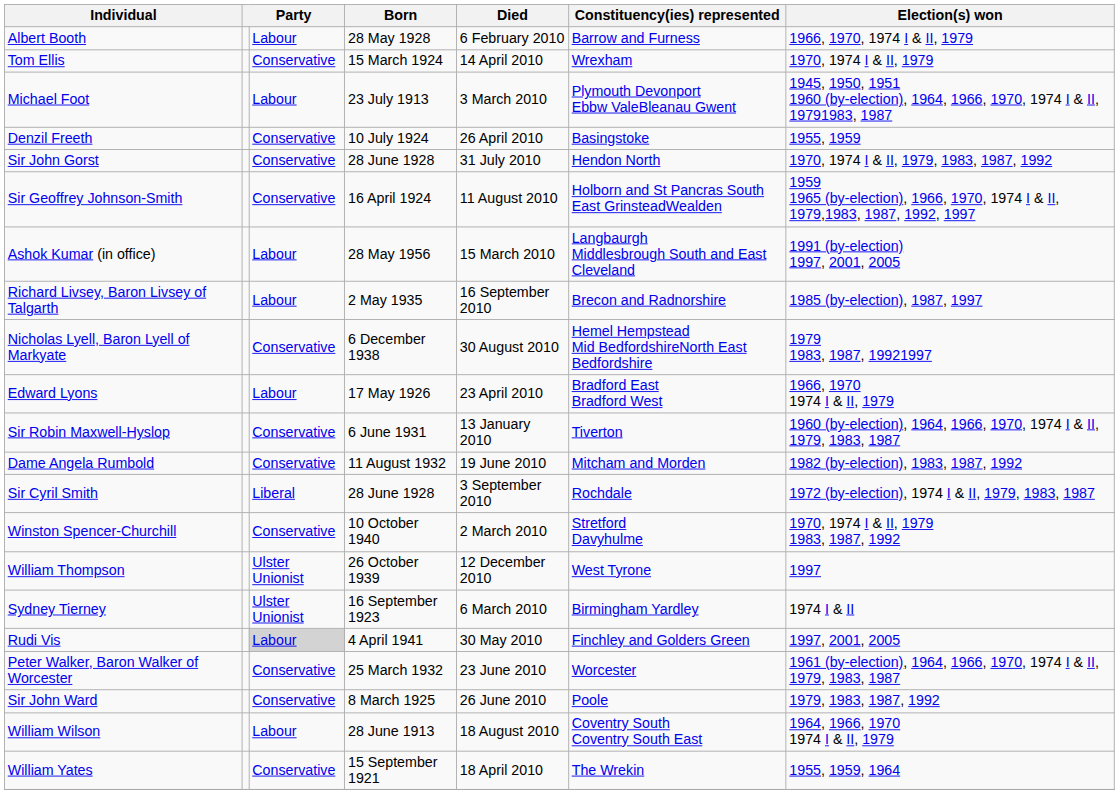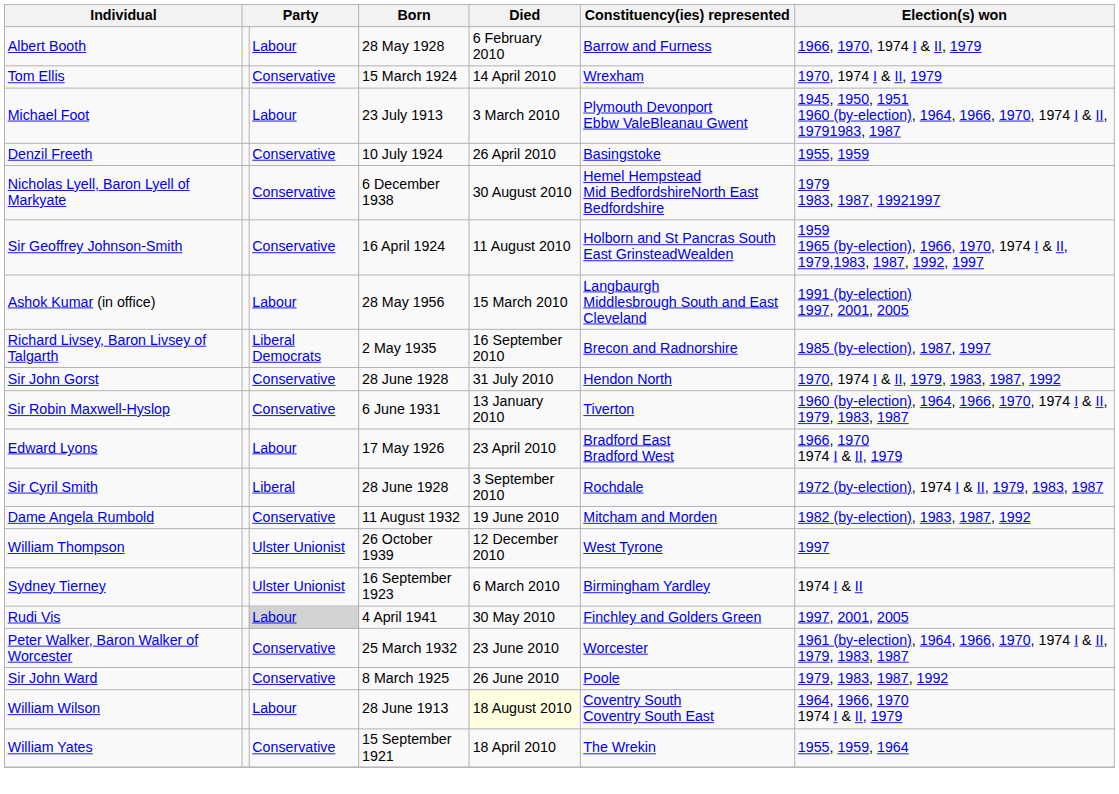 <table class="wikitable sortable">
 <tr>
 <th width="260px">Individual</th>
 <th colspan="2">Party</th>
 <th>Born</th>
 <th>Died</th>
 <th>Constituency(ies) represented</th>
 <th>Election(s) won</th>
 </tr>
 <tr>
 <td><a href='#'>Albert Booth</a></td>
 <td style="background-color: "></td>
 <td><a href='#'>Labour</a></td>
 <td>28 May 1928</td>
 <td>6 February 2010</td>
 <td><a href='#'>Barrow and Furness</a></td>
 <td><a href='#'>1966</a>, <a href='#'>1970</a>, 1974 <a href='#'>I</a> & <a href='#'>II</a>, <a href='#'>1979</a></td>
 </tr>
 <tr>
 <td><a href='#'>Tom Ellis</a></td>
 <td style="background-color: "></td>
 <td><a href='#'>Conservative</a></td>
 <td>15 March 1924</td>
 <td>14 April 2010</td>
 <td><a href='#'>Wrexham</a></td>
 <td><a href='#'>1970</a>, 1974 <a href='#'>I</a> & <a href='#'>II</a>, <a href='#'>1979</a></td>
 </tr>
 <tr>
 <td><a href='#'>Michael Foot</a></td>
 <td style="background-color: "></td>
 <td><a href='#'>Labour</a></td>
 <td>23 July 1913</td>
 <td>3 March 2010</td>
 <td><a href='#'>Plymouth Devonport</a><br><a href='#'>Ebbw Vale</a><a href='#'>Bleanau Gwent</a></td>
 <td><a href='#'>1945</a>, <a href='#'>1950</a>, <a href='#'>1951</a><br><a href='#'>1960 (by-election)</a>, <a href='#'>1964</a>, <a href='#'>1966</a>, <a href='#'>1970</a>, 1974 <a href='#'>I</a> & <a href='#'>II</a>, <a href='#'>1979</a><a href='#'>1983</a>, <a href='#'>1987</a></td>
 </tr>
 <tr>
 <td><a href='#'>Denzil Freeth</a></td>
 <td style="background-color: "></td>
 <td><a href='#'>Conservative</a></td>
 <td>10 July 1924</td>
 <td>26 April 2010</td>
 <td><a href='#'>Basingstoke</a></td>
 <td><a href='#'>1955</a>, <a href='#'>1959</a></td>
 </tr>
 <tr>
-<td><a href='#'>Sir John Gorst</a></td>
+<td><a href='#'>Nicholas Lyell, Baron Lyell of Markyate</a></td>
 <td style="background-color: "></td>
 <td><a href='#'>Conservative</a></td>
-<td>28 June 1928</td>
-<td>31 July 2010</td>
-<td><a href='#'>Hendon North</a></td>
-<td><a href='#'>1970</a>, 1974 <a href='#'>I</a> & <a href='#'>II</a>, <a href='#'>1979</a>, <a href='#'>1983</a>, <a href='#'>1987</a>, <a href='#'>1992</a></td>
+<td>6 December 1938</td>
+<td>30 August 2010</td>
+<td><a href='#'>Hemel Hempstead</a><br><a href='#'>Mid Bedfordshire</a><a href='#'>North East Bedfordshire</a></td>
+<td><a href='#'>1979</a><br><a href='#'>1983</a>, <a href='#'>1987</a>, <a href='#'>1992</a><a href='#'>1997</a></td>
 </tr>
 <tr>
 <td><a href='#'>Sir Geoffrey Johnson-Smith</a></td>
 <td style="background-color: "></td>
 <td><a href='#'>Conservative</a></td>
 <td>16 April 1924</td>
 <td>11 August 2010</td>
 <td><a href='#'>Holborn and St Pancras South</a><br><a href='#'>East Grinstead</a><a href='#'>Wealden</a></td>
 <td><a href='#'>1959</a><br><a href='#'>1965 (by-election)</a>, <a href='#'>1966</a>, <a href='#'>1970</a>, 1974 <a href='#'>I</a> & <a href='#'>II</a>, <a href='#'>1979</a>,<a href='#'>1983</a>, <a href='#'>1987</a>, <a href='#'>1992</a>, <a href='#'>1997</a></td>
 </tr>
 <tr>
 <td><a href='#'>Ashok Kumar</a> (in office)</td>
 <td style="background-color: "></td>
 <td><a href='#'>Labour</a></td>
 <td>28 May 1956</td>
 <td>15 March 2010</td>
 <td><a href='#'>Langbaurgh</a><br><a href='#'>Middlesbrough South and East Cleveland</a></td>
 <td><a href='#'>1991 (by-election)</a><br><a href='#'>1997</a>, <a href='#'>2001</a>, <a href='#'>2005</a></td>
 </tr>
 <tr>
 <td><a href='#'>Richard Livsey, Baron Livsey of Talgarth</a></td>
 <td style="background-color: "></td>
-<td><a href='#'>Labour</a></td>
+<td><a href='#'>Liberal Democrats</a></td>
 <td>2 May 1935</td>
 <td>16 September 2010</td>
 <td><a href='#'>Brecon and Radnorshire</a></td>
 <td><a href='#'>1985 (by-election)</a>, <a href='#'>1987</a>, <a href='#'>1997</a></td>
 </tr>
 <tr>
-<td><a href='#'>Nicholas Lyell, Baron Lyell of Markyate</a></td>
+<td><a href='#'>Sir John Gorst</a></td>
 <td style="background-color: "></td>
 <td><a href='#'>Conservative</a></td>
-<td>6 December 1938</td>
-<td>30 August 2010</td>
-<td><a href='#'>Hemel Hempstead</a><br><a href='#'>Mid Bedfordshire</a><a href='#'>North East Bedfordshire</a></td>
-<td><a href='#'>1979</a><br><a href='#'>1983</a>, <a href='#'>1987</a>, <a href='#'>1992</a><a href='#'>1997</a></td>
+<td>28 June 1928</td>
+<td>31 July 2010</td>
+<td><a href='#'>Hendon North</a></td>
+<td><a href='#'>1970</a>, 1974 <a href='#'>I</a> & <a href='#'>II</a>, <a href='#'>1979</a>, <a href='#'>1983</a>, <a href='#'>1987</a>, <a href='#'>1992</a></td>
+</tr>
+<tr>
+<td><a href='#'>Sir Robin Maxwell-Hyslop</a></td>
+<td style="background-color: "></td>
+<td><a href='#'>Conservative</a></td>
+<td>6 June 1931</td>
+<td>13 January 2010</td>
+<td><a href='#'>Tiverton</a></td>
+<td><a href='#'>1960 (by-election)</a>, <a href='#'>1964</a>, <a href='#'>1966</a>, <a href='#'>1970</a>, 1974 <a href='#'>I</a> & <a href='#'>II</a>, <a href='#'>1979</a>, <a href='#'>1983</a>, <a href='#'>1987</a></td>
 </tr>
 <tr>
 <td><a href='#'>Edward Lyons</a></td>
 <td style="background-color: "></td>
 <td><a href='#'>Labour</a></td>
 <td>17 May 1926</td>
 <td>23 April 2010</td>
 <td><a href='#'>Bradford East</a><br><a href='#'>Bradford West</a></td>
 <td><a href='#'>1966</a>, <a href='#'>1970</a><br>1974 <a href='#'>I</a> & <a href='#'>II</a>, <a href='#'>1979</a></td>
 </tr>
 <tr>
-<td><a href='#'>Sir Robin Maxwell-Hyslop</a></td>
+<td><a href='#'>Sir Cyril Smith</a></td>
 <td style="background-color: "></td>
-<td><a href='#'>Conservative</a></td>
-<td>6 June 1931</td>
-<td>13 January 2010</td>
-<td><a href='#'>Tiverton</a></td>
-<td><a href='#'>1960 (by-election)</a>, <a href='#'>1964</a>, <a href='#'>1966</a>, <a href='#'>1970</a>, 1974 <a href='#'>I</a> & <a href='#'>II</a>, <a href='#'>1979</a>, <a href='#'>1983</a>, <a href='#'>1987</a></td>
+<td><a href='#'>Liberal</a></td>
+<td>28 June 1928</td>
+<td>3 September 2010</td>
+<td><a href='#'>Rochdale</a></td>
+<td><a href='#'>1972 (by-election)</a>, 1974 <a href='#'>I</a> & <a href='#'>II</a>, <a href='#'>1979</a>, <a href='#'>1983</a>, <a href='#'>1987</a></td>
 </tr>
 <tr>
 <td><a href='#'>Dame Angela Rumbold</a></td>
 <td style="background-color: "></td>
 <td><a href='#'>Conservative</a></td>
 <td>11 August 1932</td>
 <td>19 June 2010</td>
 <td><a href='#'>Mitcham and Morden</a></td>
 <td><a href='#'>1982 (by-election)</a>, <a href='#'>1983</a>, <a href='#'>1987</a>, <a href='#'>1992</a></td>
-</tr>
-<tr>
-<td><a href='#'>Sir Cyril Smith</a></td>
-<td style="background-color: "></td>
-<td><a href='#'>Liberal</a></td>
-<td>28 June 1928</td>
-<td>3 September 2010</td>
-<td><a href='#'>Rochdale</a></td>
-<td><a href='#'>1972 (by-election)</a>, 1974 <a href='#'>I</a> & <a href='#'>II</a>, <a href='#'>1979</a>, <a href='#'>1983</a>, <a href='#'>1987</a></td>
-</tr>
-<tr>
-<td><a href='#'>Winston Spencer-Churchill</a></td>
-<td style="background-color: "></td>
-<td><a href='#'>Conservative</a></td>
-<td>10 October 1940</td>
-<td>2 March 2010</td>
-<td><a href='#'>Stretford</a><br><a href='#'>Davyhulme</a></td>
-<td><a href='#'>1970</a>, 1974 <a href='#'>I</a> & <a href='#'>II</a>, <a href='#'>1979</a><br><a href='#'>1983</a>, <a href='#'>1987</a>, <a href='#'>1992</a></td>
 </tr>
 <tr>
 <td><a href='#'>William Thompson</a></td>
 <td style="background-color: "></td>
 <td><a href='#'>Ulster Unionist</a></td>
 <td>26 October 1939</td>
 <td>12 December 2010</td>
 <td><a href='#'>West Tyrone</a></td>
 <td><a href='#'>1997</a></td>
 </tr>
 <tr>
 <td><a href='#'>Sydney Tierney</a></td>
 <td style="background-color: "></td>
 <td><a href='#'>Ulster Unionist</a></td>
 <td>16 September 1923</td>
 <td>6 March 2010</td>
 <td><a href='#'>Birmingham Yardley</a></td>
 <td>1974 <a href='#'>I</a> & <a href='#'>II</a></td>
 </tr>
 <tr>
 <td><a href='#'>Rudi Vis</a></td>
 <td style="background-color: "></td>
 <td style="background: lightgrey;"><a href='#'>Labour</a></td>
 <td>4 April 1941</td>
 <td>30 May 2010</td>
 <td><a href='#'>Finchley and Golders Green</a></td>
 <td><a href='#'>1997</a>, <a href='#'>2001</a>, <a href='#'>2005</a></td>
 </tr>
 <tr>
 <td><a href='#'>Peter Walker, Baron Walker of Worcester</a></td>
 <td style="background-color: "></td>
 <td><a href='#'>Conservative</a></td>
 <td>25 March 1932</td>
 <td>23 June 2010</td>
 <td><a href='#'>Worcester</a></td>
 <td><a href='#'>1961 (by-election)</a>, <a href='#'>1964</a>, <a href='#'>1966</a>, <a href='#'>1970</a>, 1974 <a href='#'>I</a> & <a href='#'>II</a>, <a href='#'>1979</a>, <a href='#'>1983</a>, <a href='#'>1987</a></td>
 </tr>
 <tr>
 <td><a href='#'>Sir John Ward</a></td>
 <td style="background-color: "></td>
 <td><a href='#'>Conservative</a></td>
 <td>8 March 1925</td>
 <td>26 June 2010</td>
 <td><a href='#'>Poole</a></td>
 <td><a href='#'>1979</a>, <a href='#'>1983</a>, <a href='#'>1987</a>, <a href='#'>1992</a></td>
 </tr>
 <tr>
 <td><a href='#'>William Wilson</a></td>
 <td style="background-color: "></td>
 <td><a href='#'>Labour</a></td>
 <td>28 June 1913</td>
-<td>18 August 2010</td>
+<td style="background: lightyellow;">18 August 2010</td>
 <td><a href='#'>Coventry South</a><br><a href='#'>Coventry South East</a></td>
 <td><a href='#'>1964</a>, <a href='#'>1966</a>, <a href='#'>1970</a><br>1974 <a href='#'>I</a> & <a href='#'>II</a>, <a href='#'>1979</a></td>
 </tr>
 <tr>
 <td><a href='#'>William Yates</a></td>
 <td style="background-color: "></td>
 <td><a href='#'>Conservative</a></td>
 <td>15 September 1921</td>
 <td>18 April 2010</td>
 <td><a href='#'>The Wrekin</a></td>
 <td><a href='#'>1955</a>, <a href='#'>1959</a>, <a href='#'>1964</a></td>
 </tr>
 <tr>
 </tr>
 </table>
